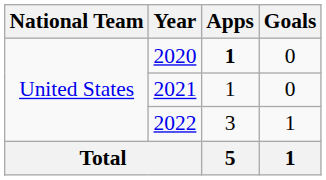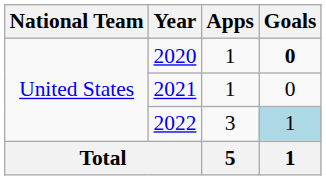 <table class="wikitable" style="text-align:center">
 <tr>
 <th>National Team</th>
 <th>Year</th>
 <th>Apps</th>
 <th>Goals</th>
 </tr>
 <tr>
 <td rowspan=3><a href='#'>United States</a></td>
 <td><a href='#'>2020</a></td>
-<td><strong>1</strong></td>
-<td>0</td>
+<td>1</td>
+<td><strong>0</strong></td>
 </tr>
 <tr>
 <td><a href='#'>2021</a></td>
 <td>1</td>
 <td>0</td>
 </tr>
 <tr>
 <td><a href='#'>2022</a></td>
 <td>3</td>
-<td>1</td>
+<td style="background: lightblue;">1</td>
 </tr>
 <tr>
 <th colspan=2>Total</th>
 <th>5</th>
 <th>1</th>
 </tr>
 </table>
